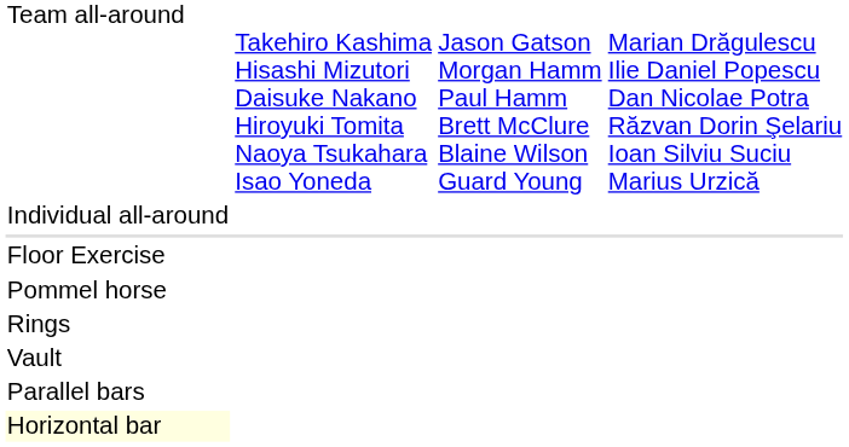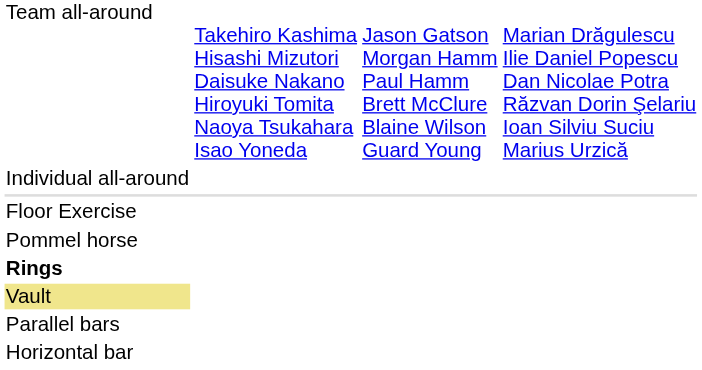 <table>
 <tr valign="top">
 <td>Team all-around<br></td>
 <td><br><a href='#'>Takehiro Kashima</a><br><a href='#'>Hisashi Mizutori</a><br><a href='#'>Daisuke Nakano</a><br><a href='#'>Hiroyuki Tomita</a><br><a href='#'>Naoya Tsukahara</a><br><a href='#'>Isao Yoneda</a></td>
 <td><br><a href='#'>Jason Gatson</a><br><a href='#'>Morgan Hamm</a><br><a href='#'>Paul Hamm</a><br><a href='#'>Brett McClure</a><br><a href='#'>Blaine Wilson</a><br><a href='#'>Guard Young</a></td>
 <td><br><a href='#'>Marian Drăgulescu</a><br><a href='#'>Ilie Daniel Popescu</a><br><a href='#'>Dan Nicolae Potra</a><br><a href='#'>Răzvan Dorin Şelariu</a><br><a href='#'>Ioan Silviu Suciu</a><br><a href='#'>Marius Urzică</a></td>
 </tr>
 <tr valign="top">
 <td>Individual all-around<br></td>
 <td></td>
 <td></td>
 <td></td>
 </tr>
 <tr bgcolor=#DDDDDD>
 <td colspan=7></td>
 </tr>
 <tr>
 <td>Floor Exercise <br></td>
 <td></td>
 <td></td>
 <td></td>
 </tr>
 <tr>
 <td>Pommel horse<br></td>
 <td></td>
 <td></td>
 <td></td>
 </tr>
 <tr>
-<td>Rings<br></td>
+<td><strong>Rings<br></strong></td>
 <td></td>
 <td></td>
 <td></td>
 </tr>
 <tr>
-<td>Vault<br></td>
+<td style="background: khaki;">Vault<br></td>
 <td></td>
 <td></td>
 <td></td>
 </tr>
 <tr>
 <td>Parallel bars<br></td>
 <td></td>
 <td></td>
 <td></td>
 </tr>
 <tr>
-<td style="background: lightyellow;">Horizontal bar<br></td>
+<td>Horizontal bar<br></td>
 <td></td>
 <td></td>
 <td></td>
 </tr>
 </table>
